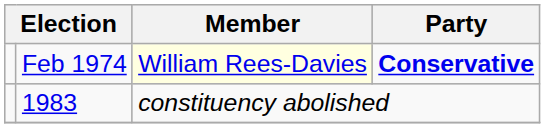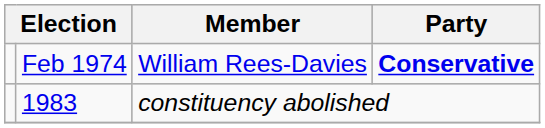 <table class="wikitable">
 <tr>
 <th colspan="2">Election</th>
 <th>Member</th>
 <th>Party</th>
 </tr>
 <tr>
 <td style="color:inherit;background-color: "></td>
 <td><a href='#'>Feb 1974</a></td>
-<td style="background: lightyellow;"><a href='#'>William Rees-Davies</a></td>
+<td><a href='#'>William Rees-Davies</a></td>
 <td><strong><a href='#'>Conservative</a></strong></td>
 </tr>
 <tr>
 <td></td>
 <td><a href='#'>1983</a></td>
 <td colspan="2"><em>constituency abolished</em></td>
 </tr>
 <tr>
 </tr>
 </table>
